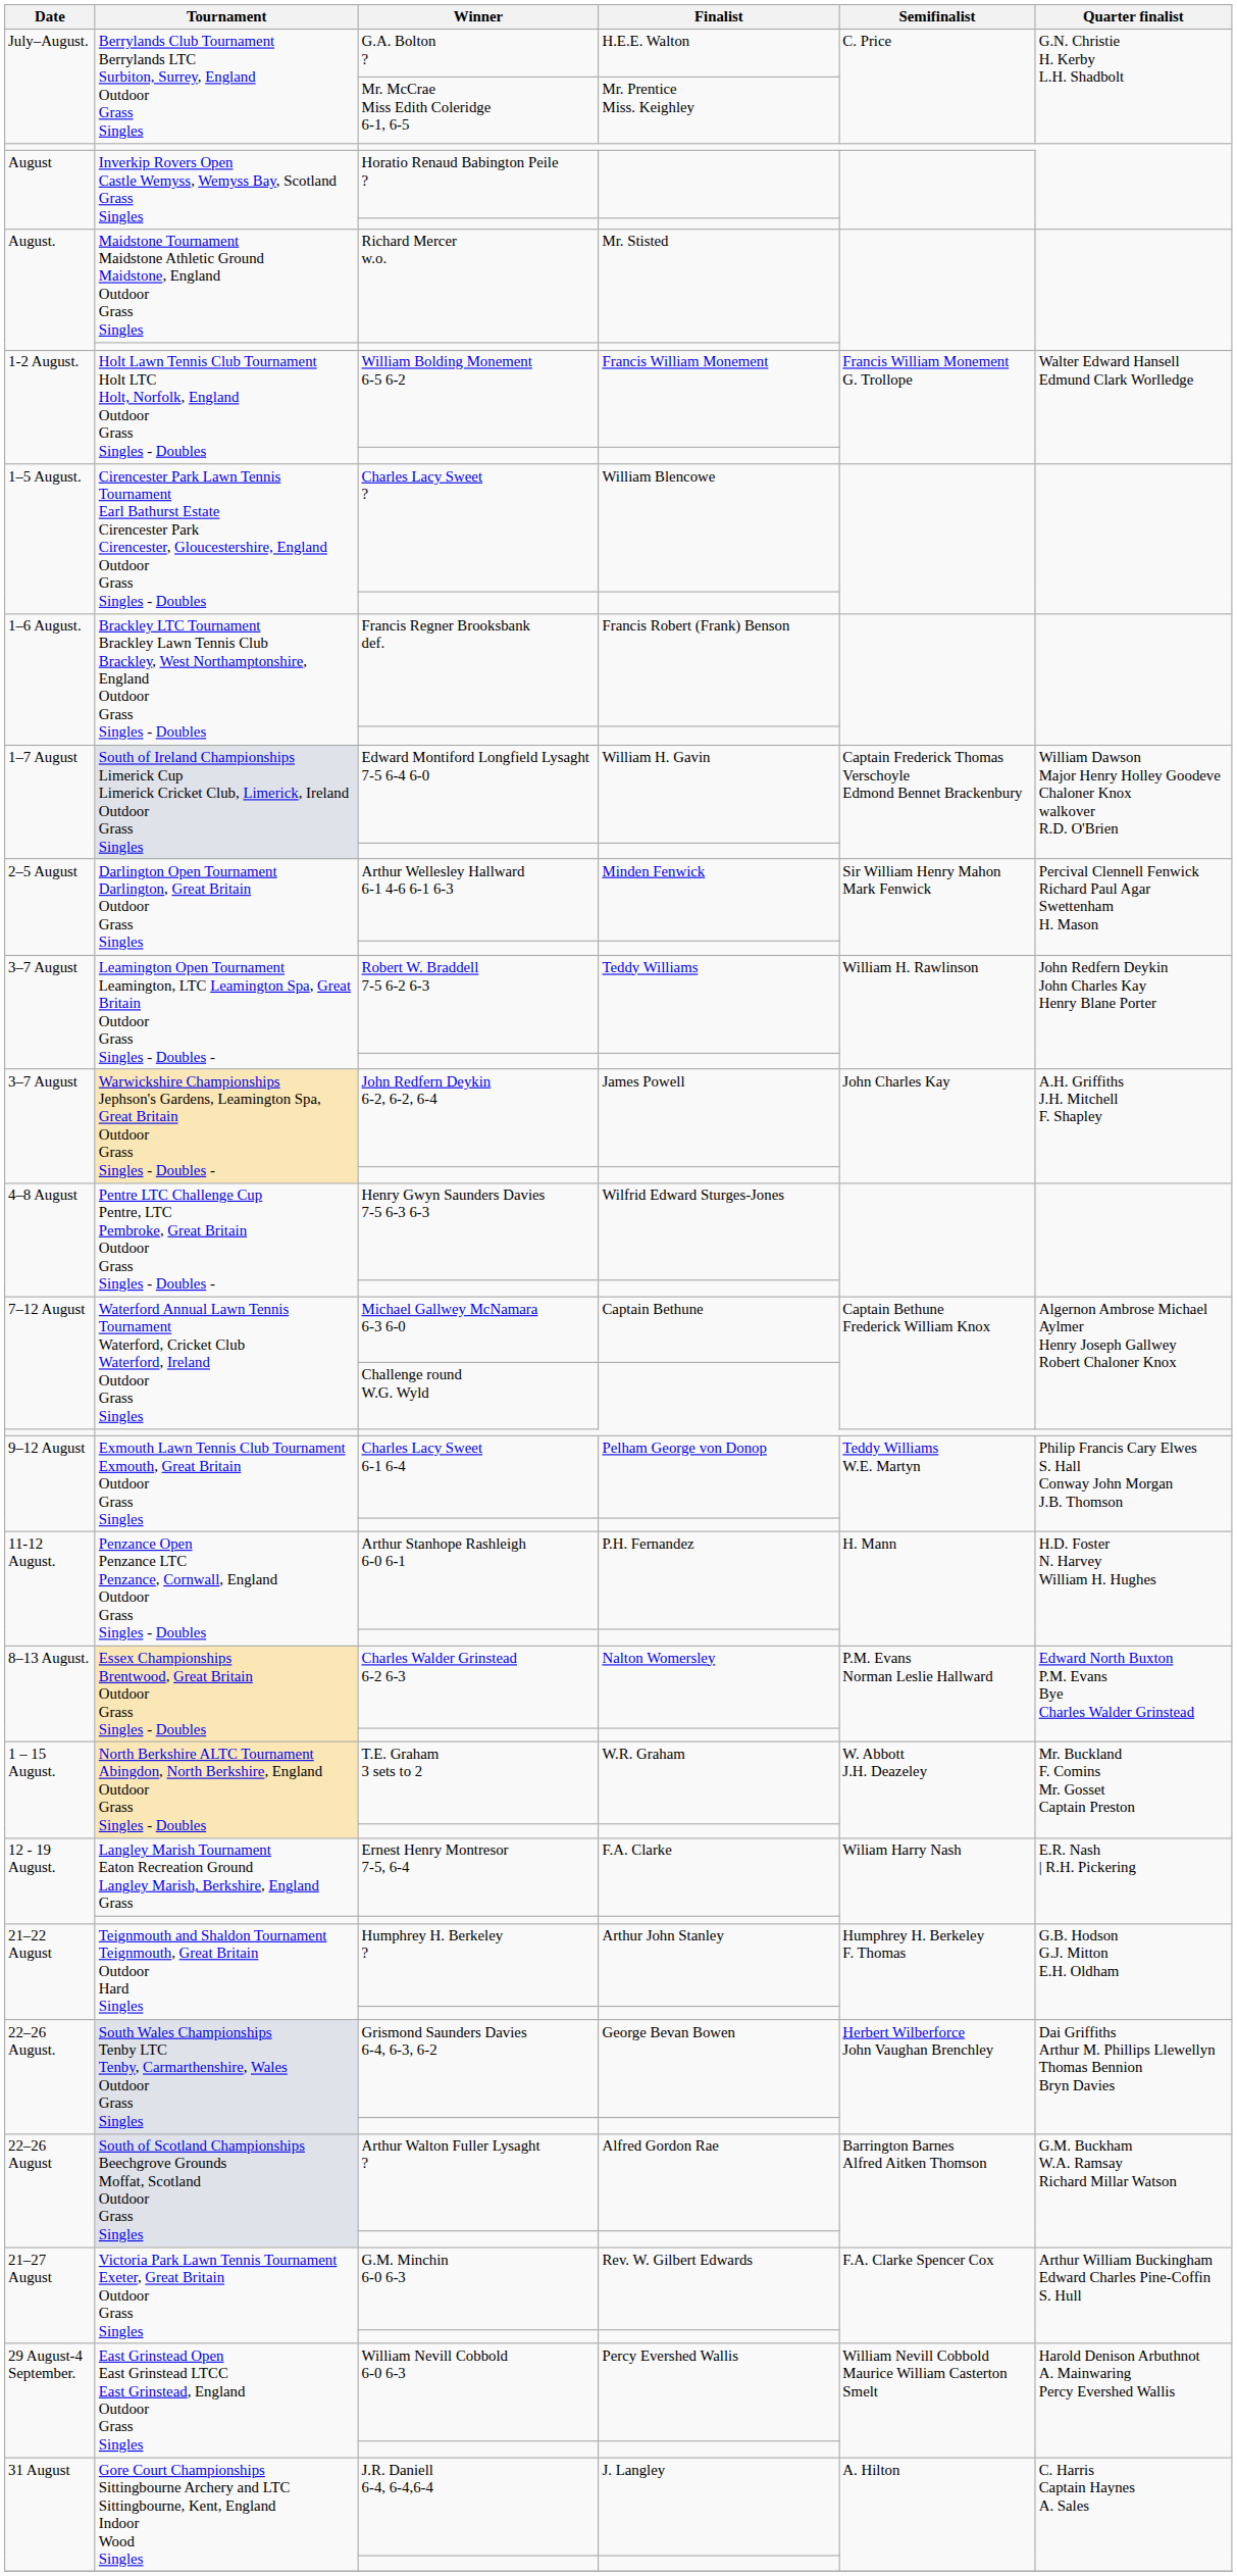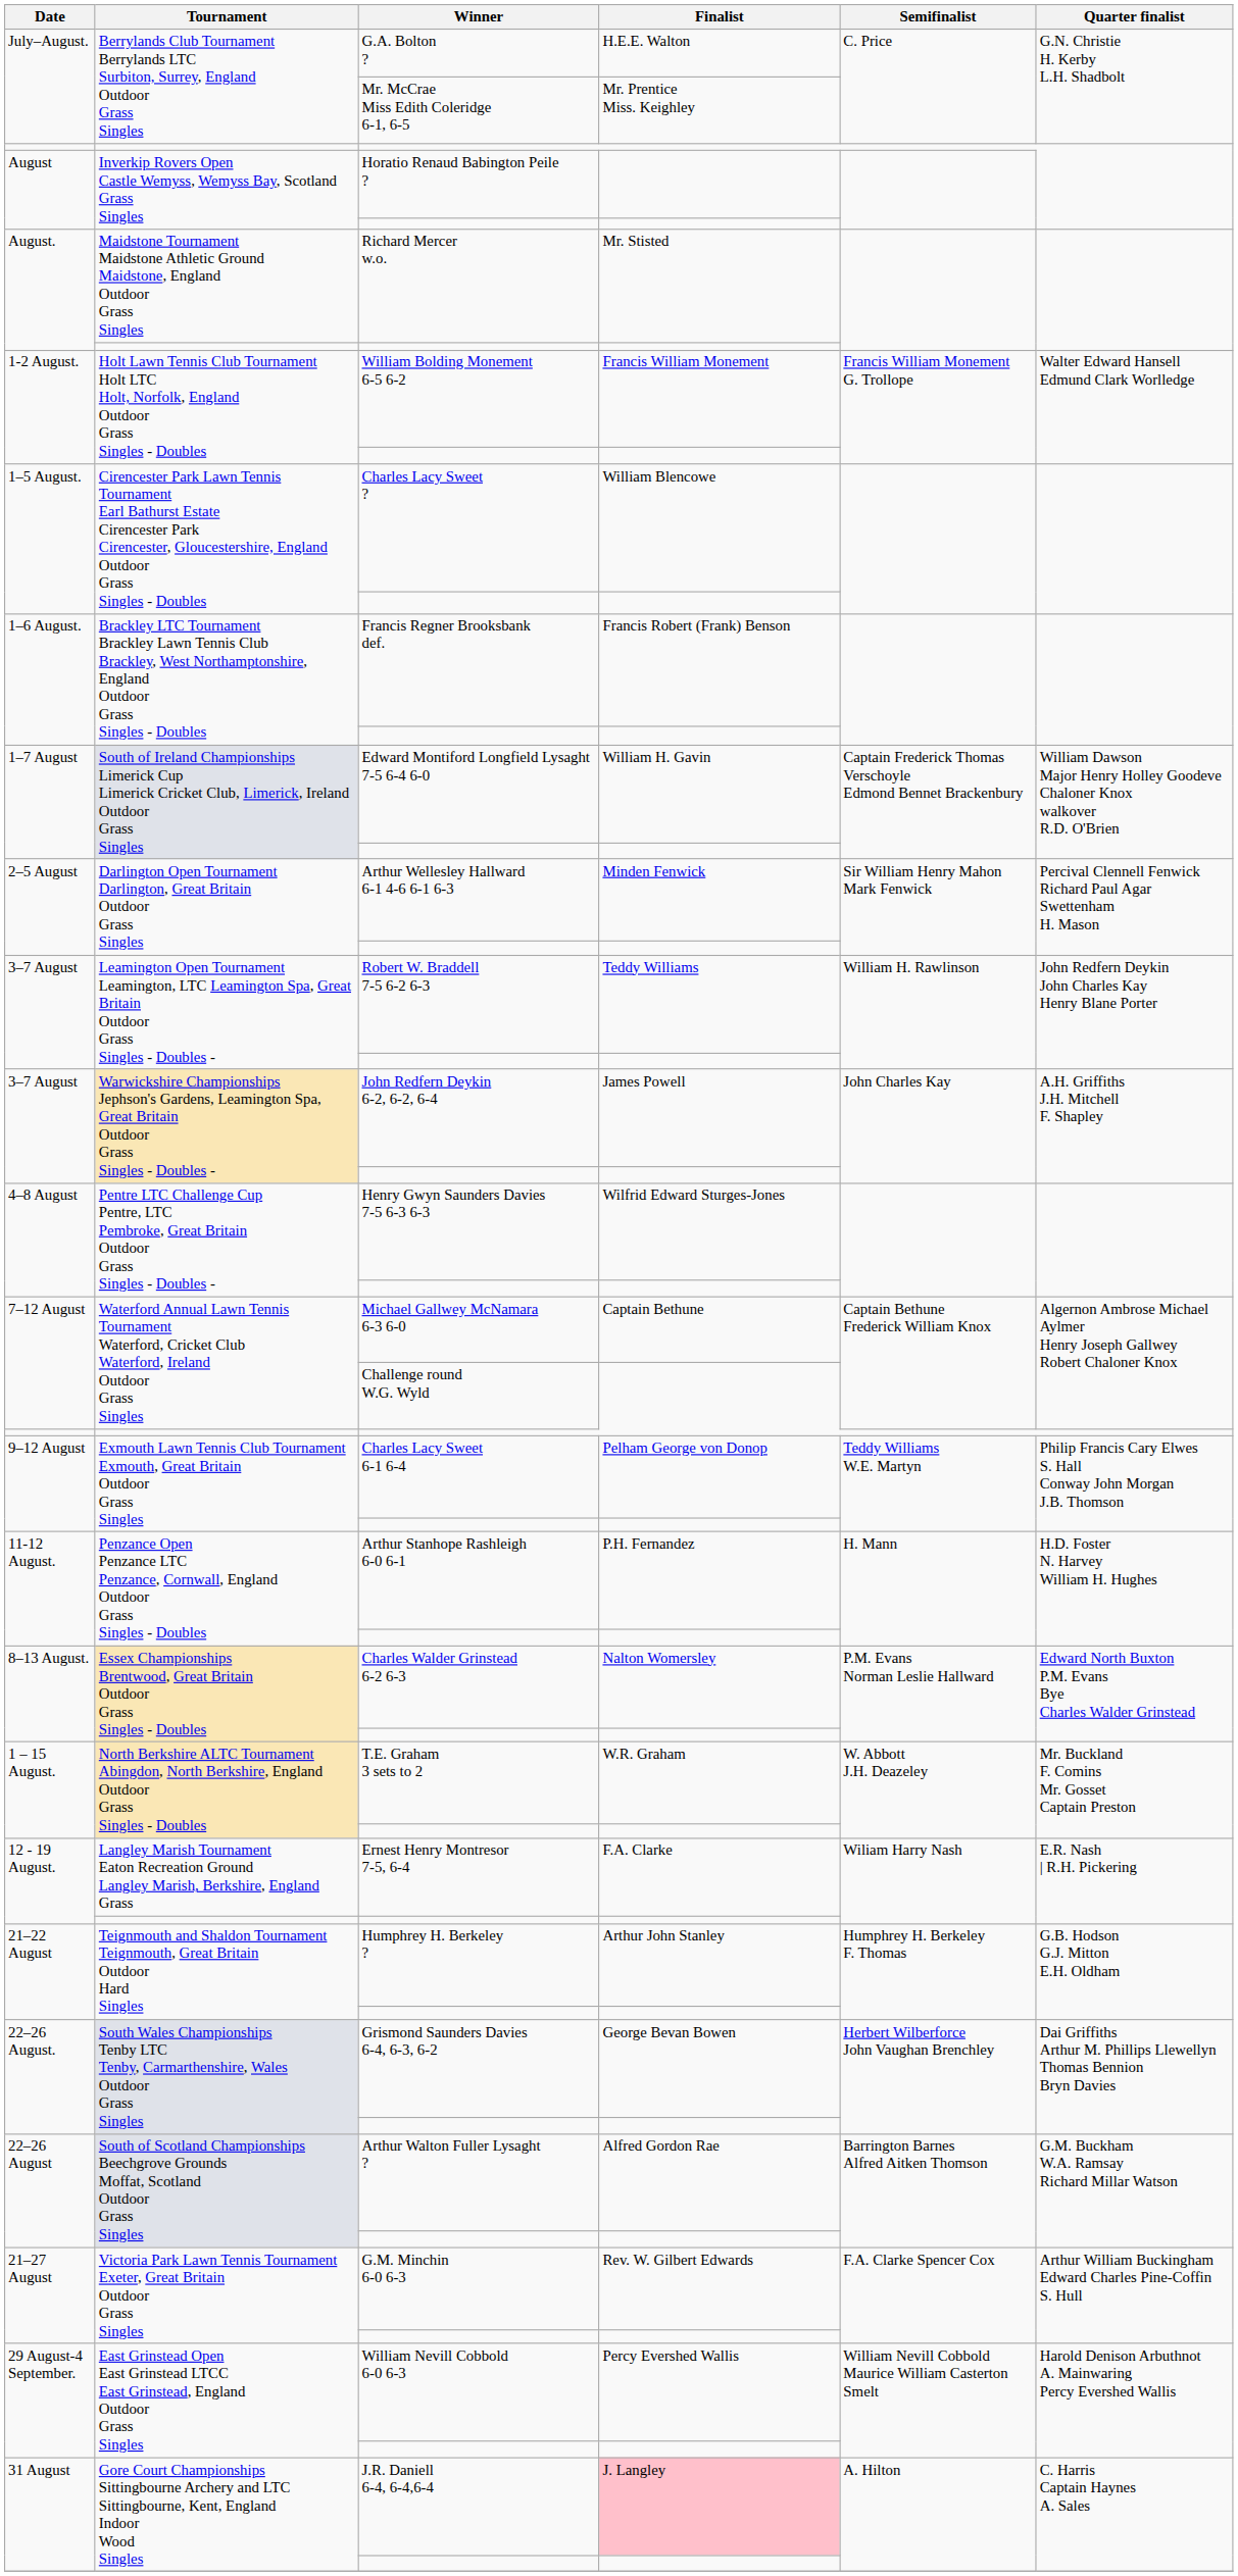 <table class="wikitable" style="font-size:85%;">
 <tr>
 <th width="75">Date</th>
 <th width="230">Tournament</th>
 <th width="210">Winner</th>
 <th width="210">Finalist</th>
 <th width="170">Semifinalist</th>
 <th width="170">Quarter finalist</th>
 </tr>
 <tr valign=top>
 <td rowspan=2>July–August.</td>
 <td rowspan=2><a href='#'>Berrylands Club Tournament</a> <br>Berrylands LTC<br><a href='#'>Surbiton, Surrey</a>, <a href='#'>England</a><br>Outdoor<br><a href='#'>Grass</a><br><a href='#'>Singles</a></td>
 <td> G.A. Bolton<br>?</td>
 <td> H.E.E. Walton</td>
 <td rowspan=2> C. Price</td>
 <td rowspan=2> G.N. Christie <br> H. Kerby <br> L.H. Shadbolt</td>
 </tr>
 <tr valign=top>
 <td> Mr. McCrae<br> Miss Edith Coleridge<br> 6-1, 6-5</td>
 <td> Mr. Prentice<br> Miss. Keighley</td>
 </tr>
 <tr valign=top>
 <td></td>
 <td></td>
 </tr>
 <tr valign=top>
 <td rowspan=2>August</td>
 <td rowspan=2><a href='#'>Inverkip Rovers Open</a><br><a href='#'>Castle Wemyss</a>, <a href='#'>Wemyss Bay</a>, Scotland <br><a href='#'>Grass</a><br> <a href='#'>Singles</a></td>
 <td>  Horatio Renaud Babington Peile<br>?</td>
 <td></td>
 <td rowspan=2></td>
 </tr>
 <tr valign=top>
 <td></td>
 <td></td>
 </tr>
 <tr valign=top>
 <td rowspan=2>August.</td>
 <td><a href='#'>Maidstone Tournament</a> <br>Maidstone Athletic Ground<br><a href='#'>Maidstone</a>, England<br>Outdoor<br>Grass<br><a href='#'>Singles</a></td>
 <td> Richard Mercer<br>w.o.</td>
 <td> Mr. Stisted <br></td>
 <td rowspan=2></td>
 <td rowspan=2></td>
 </tr>
 <tr valign=top>
 <td></td>
 <td></td>
 </tr>
 <tr valign=top>
 <td rowspan=2>1-2 August.</td>
 <td rowspan=2><a href='#'>Holt Lawn Tennis Club Tournament</a><br>Holt LTC<br><a href='#'>Holt, Norfolk</a>, <a href='#'>England</a><br>Outdoor<br>Grass<br><a href='#'>Singles</a> - <a href='#'>Doubles</a></td>
 <td>  <a href='#'>William Bolding Monement</a><br>6-5 6-2</td>
 <td> <a href='#'>Francis William Monement</a></td>
 <td rowspan=2>  <a href='#'>Francis William Monement</a><br> G. Trollope</td>
 <td rowspan=2> Walter Edward Hansell <br> Edmund Clark Worlledge</td>
 </tr>
 <tr valign=top>
 <td></td>
 <td></td>
 </tr>
 <tr valign=top>
 <td rowspan=2>1–5 August.</td>
 <td rowspan=2><a href='#'>Cirencester Park Lawn Tennis Tournament</a><br><a href='#'>Earl Bathurst Estate</a><br>Cirencester Park<br><a href='#'>Cirencester</a>, <a href='#'>Gloucestershire, England</a><br>Outdoor<br>Grass<br><a href='#'>Singles</a> - <a href='#'>Doubles</a></td>
 <td> <a href='#'>Charles Lacy Sweet</a><br>?</td>
 <td> William Blencowe</td>
 <td rowspan=2></td>
 <td rowspan=2></td>
 </tr>
 <tr valign=top>
 <td></td>
 <td></td>
 </tr>
 <tr valign=top>
 <td rowspan=2>1–6 August.</td>
 <td rowspan=2><a href='#'>Brackley LTC Tournament</a><br>Brackley Lawn Tennis Club<br><a href='#'>Brackley</a>, <a href='#'>West Northamptonshire</a>, England<br>Outdoor<br>Grass<br><a href='#'>Singles</a> - <a href='#'>Doubles</a></td>
 <td> Francis Regner Brooksbank<br>def.</td>
 <td> Francis Robert (Frank) Benson</td>
 <td rowspan=2></td>
 <td rowspan=2></td>
 </tr>
 <tr valign=top>
 <td></td>
 <td></td>
 </tr>
 <tr valign=top>
 <td rowspan=2>1–7 August</td>
 <td style="background:#dfe2e9" rowspan=2><a href='#'>South of Ireland Championships</a><br>Limerick Cup<br>  Limerick Cricket Club, <a href='#'>Limerick</a>, Ireland<br>Outdoor<br>Grass<br><a href='#'>Singles</a></td>
 <td> Edward Montiford Longfield Lysaght<br>7-5 6-4 6-0</td>
 <td> William H. Gavin</td>
 <td rowspan=2> Captain Frederick Thomas Verschoyle<br> Edmond Bennet Brackenbury</td>
 <td rowspan=2> William Dawson<br> Major Henry Holley Goodeve<br>  Chaloner Knox<br>walkover<br> R.D. O'Brien</td>
 </tr>
 <tr valign=top>
 <td></td>
 <td></td>
 </tr>
 <tr valign=top>
 <td rowspan=2>2–5 August</td>
 <td rowspan=2><a href='#'>Darlington Open Tournament</a> <br> <a href='#'>Darlington</a>, <a href='#'>Great Britain</a><br>Outdoor<br>Grass<br><a href='#'>Singles</a></td>
 <td> Arthur Wellesley Hallward<br>6-1 4-6 6-1 6-3</td>
 <td> <a href='#'>Minden Fenwick</a> <br></td>
 <td rowspan=2> Sir William Henry Mahon <br> Mark Fenwick</td>
 <td rowspan=2> Percival Clennell Fenwick <br> Richard Paul Agar Swettenham <br> H. Mason</td>
 </tr>
 <tr valign=top>
 <td></td>
 <td></td>
 </tr>
 <tr valign=top>
 <td rowspan=2>3–7 August</td>
 <td rowspan=2><a href='#'>Leamington Open Tournament</a> <br> Leamington, LTC  <a href='#'>Leamington Spa</a>, <a href='#'>Great Britain</a><br>Outdoor<br>Grass<br><a href='#'>Singles</a> - <a href='#'>Doubles</a> -</td>
 <td> <a href='#'>Robert W. Braddell</a> <br>7-5 6-2 6-3</td>
 <td> <a href='#'>Teddy Williams</a> <br></td>
 <td rowspan=2> William H. Rawlinson</td>
 <td rowspan=2> John Redfern Deykin <br> John Charles Kay <br>  Henry Blane Porter</td>
 </tr>
 <tr valign=top>
 <td></td>
 <td></td>
 </tr>
 <tr valign=top>
 <td rowspan=2>3–7 August</td>
 <td style="background:#fae7b5" rowspan=2><a href='#'>Warwickshire Championships</a> <br>Jephson's Gardens,  Leamington Spa, <a href='#'>Great Britain</a><br>Outdoor<br>Grass<br><a href='#'>Singles</a> - <a href='#'>Doubles</a> -</td>
 <td> <a href='#'>John Redfern Deykin</a> <br> 6-2, 6-2, 6-4</td>
 <td> James Powell <br></td>
 <td rowspan=2> John Charles Kay</td>
 <td rowspan=2> A.H. Griffiths <br> J.H. Mitchell <br>  F. Shapley</td>
 </tr>
 <tr valign=top>
 <td></td>
 <td></td>
 </tr>
 <tr valign=top>
 <td rowspan=2>4–8 August</td>
 <td rowspan=2><a href='#'>Pentre LTC Challenge Cup</a> <br> Pentre, LTC<br> <a href='#'>Pembroke</a>, <a href='#'>Great Britain</a><br>Outdoor<br>Grass<br><a href='#'>Singles</a> - <a href='#'>Doubles</a> -</td>
 <td> Henry Gwyn Saunders Davies <br>7-5 6-3 6-3</td>
 <td> Wilfrid Edward Sturges-Jones</td>
 <td rowspan=2></td>
 <td rowspan=2></td>
 </tr>
 <tr valign=top>
 <td></td>
 <td></td>
 </tr>
 <tr valign=top>
 <td rowspan=2>7–12 August</td>
 <td rowspan=2><a href='#'>Waterford Annual Lawn Tennis Tournament</a> <br> Waterford, Cricket Club<br><a href='#'>Waterford</a>, <a href='#'>Ireland</a><br>Outdoor<br>Grass<br><a href='#'>Singles</a></td>
 <td> <a href='#'>Michael Gallwey McNamara</a><br>6-3 6-0</td>
 <td> Captain Bethune</td>
 <td rowspan=2> Captain Bethune<br> Frederick William Knox</td>
 <td rowspan=2> Algernon Ambrose Michael Aylmer<br> Henry Joseph Gallwey<br> Robert Chaloner Knox</td>
 </tr>
 <tr valign=top>
 <td>Challenge round<br> W.G. Wyld</td>
 </tr>
 <tr valign=top>
 <td></td>
 <td></td>
 </tr>
 <tr valign=top>
 <td rowspan=2>9–12 August</td>
 <td rowspan=2><a href='#'>Exmouth Lawn Tennis Club Tournament</a> <br> <a href='#'>Exmouth</a>, <a href='#'>Great Britain</a><br>Outdoor<br>Grass<br><a href='#'>Singles</a></td>
 <td> <a href='#'>Charles Lacy Sweet</a><br>6-1 6-4</td>
 <td> <a href='#'>Pelham George von Donop</a> <br></td>
 <td rowspan=2> <a href='#'>Teddy Williams</a> <br> W.E. Martyn</td>
 <td rowspan=2> Philip Francis Cary Elwes <br> S. Hall <br>  Conway John Morgan <br>  J.B. Thomson</td>
 </tr>
 <tr valign=top>
 <td></td>
 <td></td>
 </tr>
 <tr valign=top>
 <td rowspan=2>11-12 August.</td>
 <td rowspan=2><a href='#'>Penzance Open</a><br>Penzance LTC<br><a href='#'>Penzance</a>, <a href='#'>Cornwall</a>, England<br>Outdoor<br>Grass<br><a href='#'>Singles</a> - <a href='#'>Doubles</a></td>
 <td>  Arthur Stanhope Rashleigh<br>6-0 6-1</td>
 <td>  P.H. Fernandez</td>
 <td rowspan=2>  H. Mann <br></td>
 <td rowspan=2>  H.D. Foster<br>  N. Harvey<br>  William H. Hughes</td>
 </tr>
 <tr valign=top>
 <td></td>
 <td></td>
 </tr>
 <tr valign=top>
 <td rowspan=2>8–13 August.</td>
 <td style="background:#fae7b5"  rowspan=2><a href='#'>Essex Championships</a><br> <a href='#'>Brentwood</a>, <a href='#'>Great Britain</a><br>Outdoor<br> Grass<br><a href='#'>Singles</a> - <a href='#'>Doubles</a></td>
 <td> <a href='#'>Charles Walder Grinstead</a><br>6-2 6-3</td>
 <td> <a href='#'>Nalton Womersley</a></td>
 <td rowspan=2> P.M. Evans<br> Norman Leslie Hallward</td>
 <td rowspan=2> <a href='#'>Edward North Buxton</a><br> P.M. Evans<br>Bye<br> <a href='#'>Charles Walder Grinstead</a></td>
 </tr>
 <tr valign=top>
 <td></td>
 <td></td>
 </tr>
 <tr valign=top>
 <td rowspan=2>1 – 15 August.</td>
 <td style="background:#fae7b5" rowspan=2><a href='#'>North Berkshire ALTC Tournament</a> <br><a href='#'>Abingdon</a>, <a href='#'>North Berkshire</a>, England<br>Outdoor<br> Grass<br><a href='#'>Singles</a> - <a href='#'>Doubles</a></td>
 <td> T.E. Graham<br> 3 sets to 2</td>
 <td> W.R. Graham</td>
 <td rowspan=2> W. Abbott <br>  J.H. Deazeley</td>
 <td rowspan=2> Mr. Buckland<br> F. Comins <br>  Mr. Gosset <br> Captain Preston</td>
 </tr>
 <tr valign=top>
 <td></td>
 <td></td>
 </tr>
 <tr valign=top>
 <td rowspan=2>12 - 19 August.</td>
 <td><a href='#'>Langley Marish Tournament</a><br>Eaton Recreation Ground<br> <a href='#'>Langley Marish, Berkshire</a>, <a href='#'>England</a><br>Grass<br></td>
 <td> Ernest Henry Montresor<br>7-5, 6-4</td>
 <td> F.A. Clarke</td>
 <td rowspan=2> Wiliam Harry Nash</td>
 <td rowspan=2> E.R. Nash<br>| R.H. Pickering<br></td>
 </tr>
 <tr valign=top>
 <td></td>
 <td></td>
 </tr>
 <tr valign=top>
 <td rowspan=2>21–22 August</td>
 <td rowspan=2><a href='#'>Teignmouth and Shaldon Tournament</a> <br> <a href='#'>Teignmouth</a>, <a href='#'>Great Britain</a><br>Outdoor<br>Hard<br><a href='#'>Singles</a></td>
 <td> Humphrey H. Berkeley<br>?</td>
 <td> Arthur John Stanley <br></td>
 <td rowspan=2> Humphrey H. Berkeley  <br>  F. Thomas</td>
 <td rowspan=2> G.B. Hodson <br> G.J. Mitton <br> E.H. Oldham</td>
 </tr>
 <tr valign=top>
 <td></td>
 <td></td>
 </tr>
 <tr valign=top>
 <td rowspan=2>22–26 August.</td>
 <td style="background:#dfe2e9" rowspan=2><a href='#'>South Wales Championships</a> <br>Tenby LTC<br><a href='#'>Tenby</a>, <a href='#'>Carmarthenshire</a>, <a href='#'>Wales</a><br>Outdoor<br>Grass<br><a href='#'>Singles</a></td>
 <td> Grismond Saunders Davies<br>6-4, 6-3, 6-2</td>
 <td> George Bevan Bowen<br></td>
 <td rowspan=2> <a href='#'>Herbert Wilberforce</a> <br> John Vaughan Brenchley</td>
 <td rowspan=2> Dai Griffiths <br> Arthur M. Phillips Llewellyn<br> Thomas Bennion<br> Bryn Davies<br></td>
 </tr>
 <tr valign=top>
 <td></td>
 <td></td>
 </tr>
 <tr valign=top>
 <td rowspan=2>22–26 August</td>
 <td style="background:#dfe2e9" rowspan=2><a href='#'>South of Scotland Championships</a><br>Beechgrove Grounds<br>Moffat, Scotland<br>Outdoor<br>Grass<br><a href='#'>Singles</a></td>
 <td> Arthur Walton Fuller Lysaght<br>?</td>
 <td> Alfred Gordon Rae</td>
 <td rowspan=2> Barrington Barnes<br> Alfred Aitken Thomson</td>
 <td rowspan=2> G.M. Buckham<br> W.A. Ramsay<br> Richard Millar Watson<br></td>
 </tr>
 <tr valign=top>
 <td></td>
 <td></td>
 </tr>
 <tr valign=top>
 <td rowspan=2>21–27 August</td>
 <td rowspan=2><a href='#'>Victoria Park Lawn Tennis Tournament</a><br><a href='#'>Exeter</a>, <a href='#'>Great Britain</a><br>Outdoor<br> Grass<br><a href='#'>Singles</a></td>
 <td> G.M. Minchin<br>6-0 6-3</td>
 <td> Rev. W. Gilbert Edwards</td>
 <td rowspan=2> F.A. Clarke  Spencer Cox</td>
 <td rowspan=2> Arthur William Buckingham <br> Edward Charles Pine-Coffin <br> S. Hull <br></td>
 </tr>
 <tr valign=top>
 <td></td>
 <td></td>
 </tr>
 <tr valign=top>
 <td rowspan=2>29 August-4 September.</td>
 <td rowspan=2><a href='#'>East Grinstead Open</a> <br>East Grinstead LTCC<br><a href='#'>East Grinstead</a>, England<br>Outdoor<br> Grass<br><a href='#'>Singles</a></td>
 <td> William Nevill Cobbold <br>6-0 6-3</td>
 <td> Percy Evershed Wallis <br></td>
 <td rowspan=2> William Nevill Cobbold <br> Maurice William Casterton Smelt</td>
 <td rowspan=2> Harold Denison Arbuthnot <br> A. Mainwaring <br>  Percy Evershed Wallis<br></td>
 </tr>
 <tr valign=top>
 <td></td>
 <td></td>
 </tr>
 <tr valign=top>
 <td rowspan=2>31 August</td>
 <td rowspan=2><a href='#'>Gore Court Championships</a> <br>Sittingbourne Archery and LTC<br>Sittingbourne, Kent, England<br>Indoor<br>Wood <br><a href='#'>Singles</a></td>
 <td> J.R. Daniell<br>6-4, 6-4,6-4</td>
-<td> J. Langley</td>
+<td style="background: pink;"> J. Langley</td>
 <td rowspan=2> A. Hilton<br></td>
 <td rowspan=2> C. Harris<br> Captain Haynes<br> A. Sales<br></td>
 </tr>
 <tr valign=top>
 <td></td>
 <td></td>
 </tr>
 <tr valign=top>
 </tr>
 </table>
